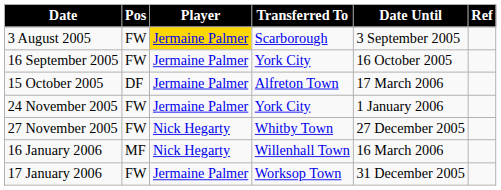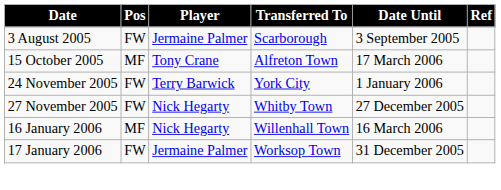 <table class="wikitable plainrowheaders sortable">
 <tr>
 <th style="background:#000000; color:#FFFFFF; ">Date</th>
 <th style="background:#000000; color:#FFFFff; ">Pos</th>
 <th style="background:#000000; color:#FFFFff; ">Player</th>
 <th style="background:#000000; color:#FFFFff; ">Transferred To</th>
 <th style="background:#000000; color:#FFFFff; ">Date Until</th>
 <th style="background:#000000; color:#FFFFff; ">Ref</th>
 </tr>
 <tr>
 <td>3 August 2005</td>
 <td>FW</td>
-<td style="background: gold;"> <a href='#'>Jermaine Palmer</a></td>
+<td> <a href='#'>Jermaine Palmer</a></td>
 <td> <a href='#'>Scarborough</a></td>
 <td>3 September 2005</td>
 <td></td>
 </tr>
 <tr>
-<td>16 September 2005</td>
-<td>FW</td>
-<td> <a href='#'>Jermaine Palmer</a></td>
-<td> <a href='#'>York City</a></td>
-<td>16 October 2005</td>
-<td></td>
-</tr>
-<tr>
 <td>15 October 2005</td>
-<td>DF</td>
-<td> <a href='#'>Jermaine Palmer</a></td>
+<td>MF</td>
+<td> <a href='#'>Tony Crane</a></td>
 <td> <a href='#'>Alfreton Town</a></td>
 <td>17 March 2006</td>
 <td></td>
 </tr>
 <tr>
 <td>24 November 2005</td>
 <td>FW</td>
-<td> <a href='#'>Jermaine Palmer</a></td>
+<td> <a href='#'>Terry Barwick</a></td>
 <td> <a href='#'>York City</a></td>
 <td>1 January 2006</td>
 <td></td>
 </tr>
 <tr>
 <td>27 November 2005</td>
 <td>FW</td>
 <td> <a href='#'>Nick Hegarty</a></td>
 <td> <a href='#'>Whitby Town</a></td>
 <td>27 December 2005</td>
 <td></td>
 </tr>
 <tr>
 <td>16 January 2006</td>
 <td>MF</td>
 <td> <a href='#'>Nick Hegarty</a></td>
 <td> <a href='#'>Willenhall Town</a></td>
 <td>16 March 2006</td>
 <td></td>
 </tr>
 <tr>
 <td>17 January 2006</td>
 <td>FW</td>
 <td> <a href='#'>Jermaine Palmer</a></td>
 <td> <a href='#'>Worksop Town</a></td>
 <td>31 December 2005</td>
 <td></td>
 </tr>
 </table>
